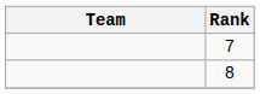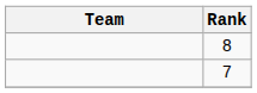 <table class="wikitable" style="white-space:nowrap; display:inline-table;">
 <tr>
 <th style="width:150px">Team</th>
 <th>Rank</th>
 </tr>
 <tr>
 <td></td>
-<td style="text-align:center">7</td>
+<td style="text-align:center">8</td>
 </tr>
 <tr>
 <td></td>
-<td style="text-align:center">8</td>
+<td style="text-align:center">7</td>
 </tr>
 <tr>
 </tr>
 </table>
